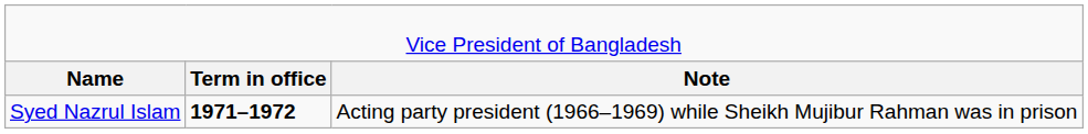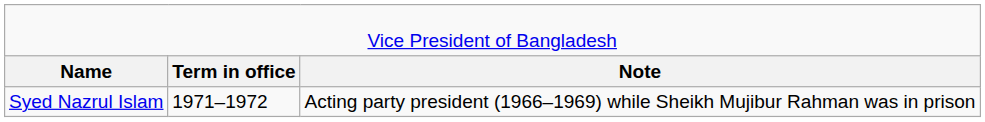 <table class="wikitable">
 <tr>
 <td style="text-align: center; background:#white;" colspan="4"> <br> <a href='#'>Vice President of Bangladesh</a></td>
 </tr>
 <tr>
 <th>Name</th>
 <th>Term in office</th>
 <th>Note</th>
 </tr>
 <tr>
 <td><a href='#'>Syed Nazrul Islam</a></td>
-<td><strong>1971–1972</strong></td>
+<td>1971–1972</td>
 <td>Acting party president (1966–1969) while Sheikh Mujibur Rahman was in prison</td>
 </tr>
 </table>
